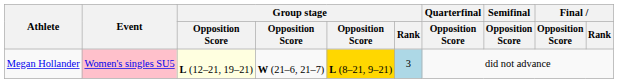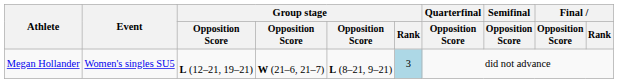 <table class="wikitable" style="font-size:90%; text-align:center">
 <tr>
 <th rowspan="2">Athlete</th>
 <th rowspan="2">Event</th>
 <th colspan="4">Group stage</th>
 <th>Quarterfinal</th>
 <th>Semifinal</th>
 <th colspan="2">Final / </th>
 </tr>
 <tr style="font-size:95%">
 <th>Opposition<br>Score</th>
 <th>Opposition<br>Score</th>
 <th>Opposition<br>Score</th>
 <th>Rank</th>
 <th>Opposition<br>Score</th>
 <th>Opposition<br>Score</th>
 <th>Opposition<br>Score</th>
 <th>Rank</th>
 </tr>
 <tr>
 <td align="left"><a href='#'>Megan Hollander</a></td>
-<td align="left" style="background: pink;"><a href='#'>Women's singles SU5</a></td>
-<td style="background: lightyellow;"><br><strong>L</strong> (12–21, 19–21)</td>
+<td align="left"><a href='#'>Women's singles SU5</a></td>
+<td><br><strong>L</strong> (12–21, 19–21)</td>
 <td><br><strong>W</strong> (21–6, 21–7)</td>
-<td style="background: gold;"><br><strong>L</strong> (8–21, 9–21)</td>
+<td><br><strong>L</strong> (8–21, 9–21)</td>
 <td style="background: lightblue;">3</td>
 <td colspan="4">did not advance</td>
 </tr>
 </table>
